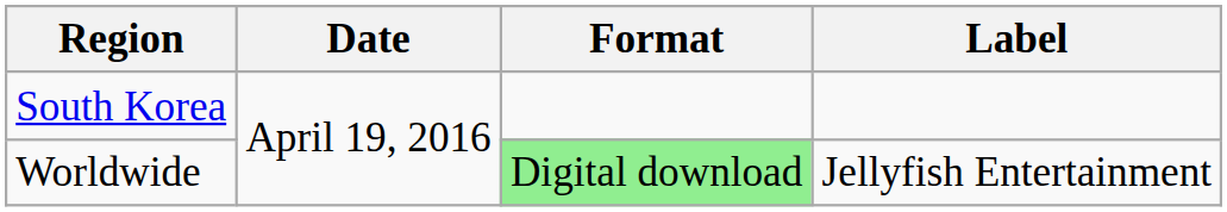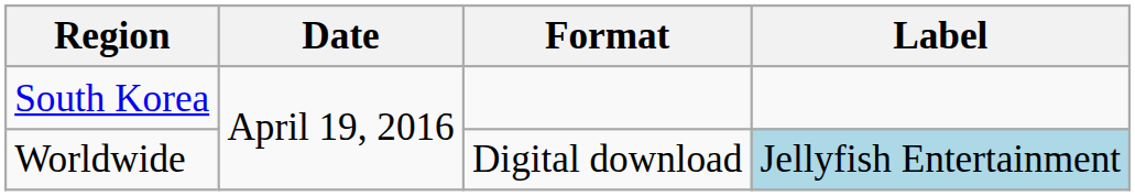 <table class = "wikitable">
 <tr>
 <th>Region</th>
 <th>Date</th>
 <th>Format</th>
 <th>Label</th>
 </tr>
 <tr>
 <td><a href='#'>South Korea</a></td>
 <td rowspan=2>April 19, 2016</td>
 <td></td>
 <td></td>
 </tr>
 <tr>
 <td>Worldwide</td>
-<td style="background: lightgreen;">Digital download</td>
-<td>Jellyfish Entertainment</td>
+<td>Digital download</td>
+<td style="background: lightblue;">Jellyfish Entertainment</td>
 </tr>
 </table>
